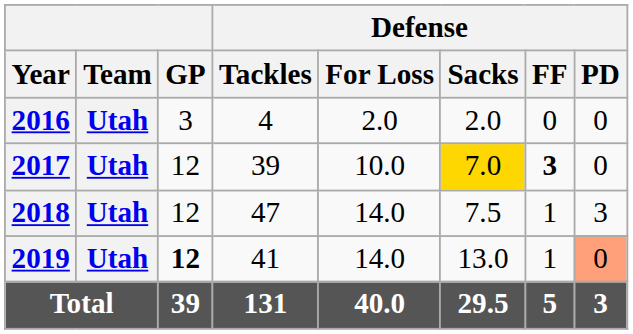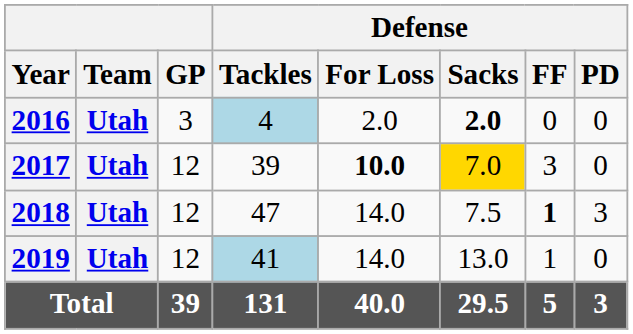 <table class="wikitable" style="text-align:center;">
 <tr>
 <th colspan=3></th>
 <th colspan=5>Defense</th>
 </tr>
 <tr>
 <th>Year</th>
 <th>Team</th>
 <th>GP</th>
 <th>Tackles</th>
 <th>For Loss</th>
 <th>Sacks</th>
 <th>FF</th>
 <th>PD</th>
 </tr>
 <tr>
 <th><a href='#'>2016</a></th>
 <th><a href='#'>Utah</a></th>
 <td>3</td>
-<td>4</td>
+<td style="background: lightblue;">4</td>
 <td>2.0</td>
-<td>2.0</td>
+<td><strong>2.0</strong></td>
 <td>0</td>
 <td>0</td>
 </tr>
 <tr>
 <th><a href='#'>2017</a></th>
 <th><a href='#'>Utah</a></th>
 <td>12</td>
 <td>39</td>
-<td>10.0</td>
+<td><strong>10.0</strong></td>
 <td style="background: gold;">7.0</td>
-<td><strong>3</strong></td>
+<td>3</td>
 <td>0</td>
 </tr>
 <tr>
 <th><a href='#'>2018</a></th>
 <th><a href='#'>Utah</a></th>
 <td>12</td>
 <td>47</td>
 <td>14.0</td>
 <td>7.5</td>
-<td>1</td>
+<td><strong>1</strong></td>
 <td>3</td>
 </tr>
 <tr>
 <th><a href='#'>2019</a></th>
 <th><a href='#'>Utah</a></th>
-<td><strong>12</strong></td>
-<td>41</td>
+<td>12</td>
+<td style="background: lightblue;">41</td>
 <td>14.0</td>
 <td>13.0</td>
 <td>1</td>
-<td style="background: lightsalmon;">0</td>
+<td>0</td>
 </tr>
 <tr style="background:#555; font-weight:bold; color:white;">
 <td colspan=2>Total</td>
 <td>39</td>
 <td>131</td>
 <td>40.0</td>
 <td>29.5</td>
 <td>5</td>
 <td>3</td>
 </tr>
 </table>
